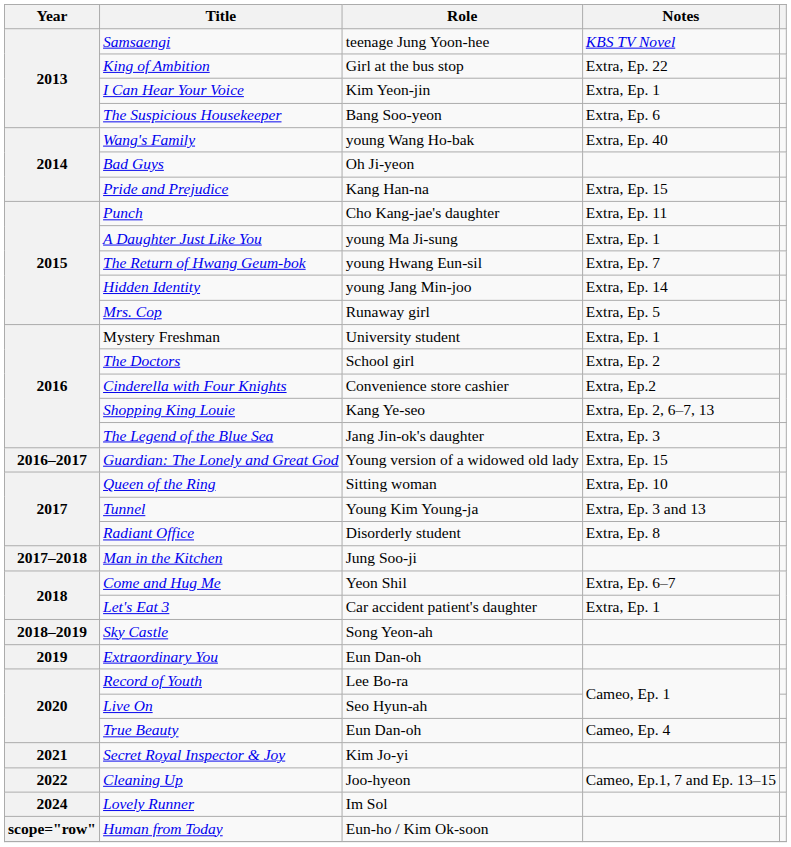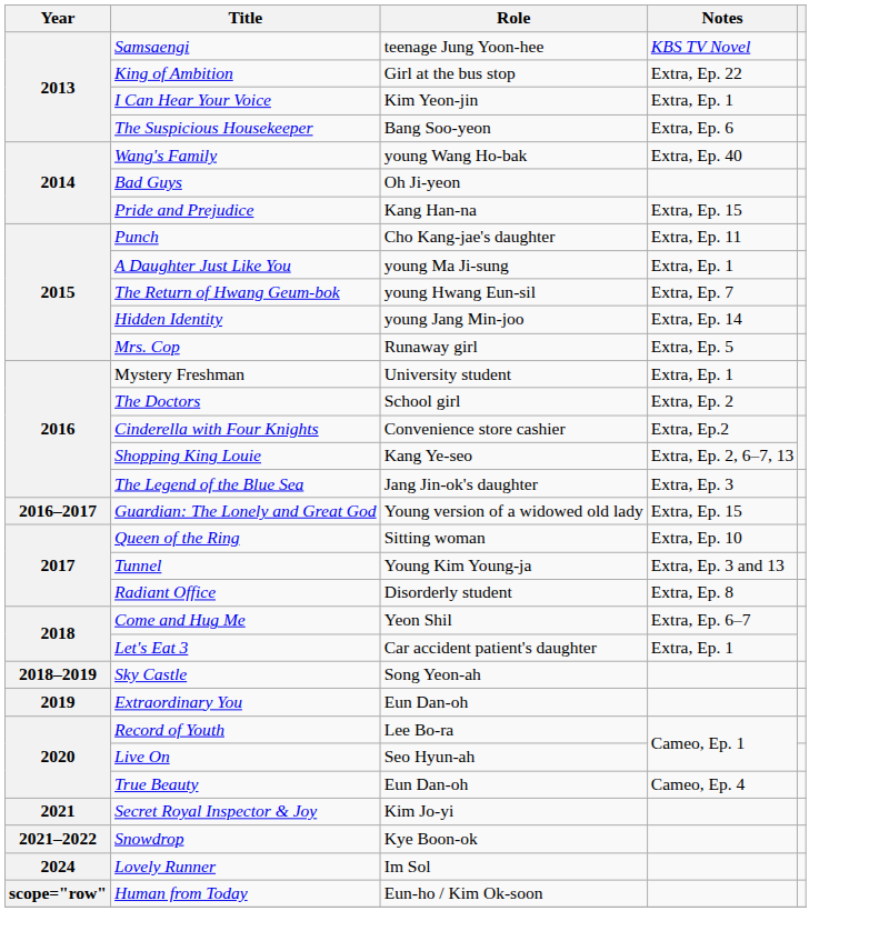 <table class="wikitable plainrowheaders sortable">
 <tr>
 <th scope="col">Year</th>
 <th scope="col">Title</th>
 <th scope="col">Role</th>
 <th scope="col">Notes</th>
 <th scope="col" class="unsortable"></th>
 </tr>
 <tr>
 <th scope="row" rowspan="4">2013</th>
 <td><em><a href='#'>Samsaengi</a></em></td>
 <td>teenage Jung Yoon-hee</td>
 <td><em><a href='#'>KBS TV Novel</a></em></td>
 <td style="text-align:center"></td>
 </tr>
 <tr>
 <td><em><a href='#'>King of Ambition</a></em></td>
 <td>Girl at the bus stop</td>
 <td>Extra, Ep. 22</td>
 <td style="text-align:center"></td>
 </tr>
 <tr>
 <td><em><a href='#'>I Can Hear Your Voice</a></em></td>
 <td>Kim Yeon-jin</td>
 <td>Extra, Ep. 1</td>
 <td style="text-align:center"></td>
 </tr>
 <tr>
 <td><em><a href='#'>The Suspicious Housekeeper</a></em></td>
 <td>Bang Soo-yeon</td>
 <td>Extra, Ep. 6</td>
 <td style="text-align:center"></td>
 </tr>
 <tr>
 <th scope="row" rowspan="3">2014</th>
 <td><em><a href='#'>Wang's Family</a></em></td>
 <td>young Wang Ho-bak</td>
 <td>Extra, Ep. 40</td>
 <td style="text-align:center"></td>
 </tr>
 <tr>
 <td><em><a href='#'>Bad Guys</a></em></td>
 <td>Oh Ji-yeon</td>
 <td></td>
 <td style="text-align:center"></td>
 </tr>
 <tr>
 <td><em><a href='#'>Pride and Prejudice</a></em></td>
 <td>Kang Han-na</td>
 <td>Extra, Ep. 15</td>
 <td style="text-align:center"></td>
 </tr>
 <tr>
 <th scope="row" rowspan="5">2015</th>
 <td><em><a href='#'>Punch</a></em></td>
 <td>Cho Kang-jae's daughter</td>
 <td>Extra, Ep. 11</td>
 <td style="text-align:center"></td>
 </tr>
 <tr>
 <td><em><a href='#'>A Daughter Just Like You</a></em></td>
 <td>young Ma Ji-sung</td>
 <td>Extra, Ep. 1</td>
 <td style="text-align:center"></td>
 </tr>
 <tr>
 <td><em><a href='#'>The Return of Hwang Geum-bok</a></em></td>
 <td>young Hwang Eun-sil</td>
 <td>Extra, Ep. 7</td>
 <td style="text-align:center"></td>
 </tr>
 <tr>
 <td><em><a href='#'>Hidden Identity</a></em></td>
 <td>young Jang Min-joo</td>
 <td>Extra, Ep. 14</td>
 <td style="text-align:center"></td>
 </tr>
 <tr>
 <td><em><a href='#'>Mrs. Cop</a></em></td>
 <td>Runaway girl</td>
 <td>Extra, Ep. 5</td>
 <td style="text-align:center"></td>
 </tr>
 <tr>
 <th scope="row" rowspan="5">2016</th>
 <td>Mystery Freshman</td>
 <td>University student</td>
 <td>Extra, Ep. 1</td>
 <td style="text-align:center"></td>
 </tr>
 <tr>
 <td><em><a href='#'>The Doctors</a></em></td>
 <td>School girl</td>
 <td>Extra, Ep. 2</td>
 <td style="text-align:center"></td>
 </tr>
 <tr>
 <td><em><a href='#'>Cinderella with Four Knights</a></em></td>
 <td>Convenience store cashier</td>
 <td>Extra, Ep.2</td>
 <td rowspan="2" style="text-align:center"></td>
 </tr>
 <tr>
 <td><em><a href='#'>Shopping King Louie</a></em></td>
 <td>Kang Ye-seo</td>
 <td>Extra, Ep. 2, 6–7, 13</td>
 </tr>
 <tr>
 <td><em><a href='#'>The Legend of the Blue Sea</a></em></td>
 <td>Jang Jin-ok's daughter</td>
 <td>Extra, Ep. 3</td>
 <td style="text-align:center"></td>
 </tr>
 <tr>
 <th scope="row">2016–2017</th>
 <td><em><a href='#'>Guardian: The Lonely and Great God</a></em></td>
 <td>Young version of a widowed old lady</td>
 <td>Extra, Ep. 15</td>
 <td style="text-align:center"></td>
 </tr>
 <tr>
 <th scope="row" rowspan="3">2017</th>
 <td><em><a href='#'>Queen of the Ring</a></em></td>
 <td>Sitting woman</td>
 <td>Extra, Ep. 10</td>
 <td style="text-align:center"></td>
 </tr>
 <tr>
 <td><em><a href='#'>Tunnel</a></em></td>
 <td>Young Kim Young-ja</td>
 <td>Extra, Ep. 3 and 13</td>
 <td style="text-align:center"></td>
 </tr>
 <tr>
 <td><em><a href='#'>Radiant Office</a></em></td>
 <td>Disorderly student</td>
 <td>Extra, Ep. 8</td>
 <td style="text-align:center"></td>
 </tr>
 <tr>
-<th scope="row">2017–2018</th>
-<td><em><a href='#'>Man in the Kitchen</a></em></td>
-<td>Jung Soo-ji</td>
-<td></td>
-<td style="text-align:center"></td>
-</tr>
-<tr>
 <th scope="row" rowspan="2">2018</th>
 <td><em><a href='#'>Come and Hug Me</a></em></td>
 <td>Yeon Shil</td>
 <td>Extra, Ep. 6–7</td>
 <td rowspan="2" style="text-align:center"></td>
 </tr>
 <tr>
 <td><em><a href='#'>Let's Eat 3</a></em></td>
 <td>Car accident patient's daughter</td>
 <td>Extra, Ep. 1</td>
 </tr>
 <tr>
 <th scope="row">2018–2019</th>
 <td><em><a href='#'>Sky Castle</a></em></td>
 <td>Song Yeon-ah</td>
 <td></td>
 <td style="text-align:center"></td>
 </tr>
 <tr>
 <th scope="row">2019</th>
 <td><em><a href='#'>Extraordinary You</a></em></td>
 <td>Eun Dan-oh</td>
 <td></td>
 <td style="text-align:center"></td>
 </tr>
 <tr>
 <th scope="row" rowspan="3">2020</th>
 <td><em><a href='#'>Record of Youth</a></em></td>
 <td>Lee Bo-ra</td>
 <td rowspan="2">Cameo, Ep. 1</td>
 <td style="text-align:center"></td>
 </tr>
 <tr>
 <td><em><a href='#'>Live On</a></em></td>
 <td>Seo Hyun-ah</td>
 <td style="text-align:center"></td>
 </tr>
 <tr>
 <td><em><a href='#'>True Beauty</a></em></td>
 <td>Eun Dan-oh</td>
 <td>Cameo, Ep. 4</td>
 <td style="text-align:center"></td>
 </tr>
 <tr>
 <th scope="row">2021</th>
 <td><em><a href='#'>Secret Royal Inspector & Joy</a></em></td>
 <td>Kim Jo-yi</td>
 <td></td>
 <td style="text-align:center"></td>
 </tr>
 <tr>
-<th scope="row">2022</th>
-<td><em><a href='#'>Cleaning Up</a></em></td>
-<td>Joo-hyeon</td>
-<td>Cameo, Ep.1, 7 and Ep. 13–15</td>
+<th scope="row">2021–2022</th>
+<td><em><a href='#'>Snowdrop</a></em></td>
+<td>Kye Boon-ok</td>
+<td></td>
 <td style="text-align:center"></td>
 </tr>
 <tr>
 <th scope="row">2024</th>
 <td><em><a href='#'>Lovely Runner</a></em></td>
 <td>Im Sol</td>
 <td></td>
 <td style="text-align:center"></td>
 </tr>
 <tr>
 <th>scope="row" </th>
 <td><em><a href='#'>Human from Today</a></em></td>
 <td>Eun-ho / Kim Ok-soon</td>
 <td></td>
 <td style="text-align:center"></td>
 </tr>
 <tr>
 </tr>
 </table>
